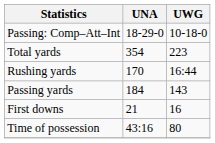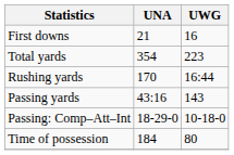 <table class="wikitable" style="float: left;">
 <tr>
 <th>Statistics</th>
 <th>UNA</th>
 <th>UWG</th>
 </tr>
 <tr>
-<td>Passing: Comp–Att–Int</td>
-<td>18-29-0</td>
-<td>10-18-0</td>
+<td>First downs</td>
+<td>21</td>
+<td>16</td>
 </tr>
 <tr>
 <td>Total yards</td>
 <td>354</td>
 <td>223</td>
 </tr>
 <tr>
 <td>Rushing yards</td>
 <td>170</td>
 <td>16:44</td>
 </tr>
 <tr>
 <td>Passing yards</td>
-<td>184</td>
+<td>43:16</td>
 <td>143</td>
 </tr>
 <tr>
-<td>First downs</td>
-<td>21</td>
-<td>16</td>
+<td>Passing: Comp–Att–Int</td>
+<td>18-29-0</td>
+<td>10-18-0</td>
 </tr>
 <tr>
 <td>Time of possession</td>
-<td>43:16</td>
+<td>184</td>
 <td>80</td>
 </tr>
 <tr>
 </tr>
 </table>
